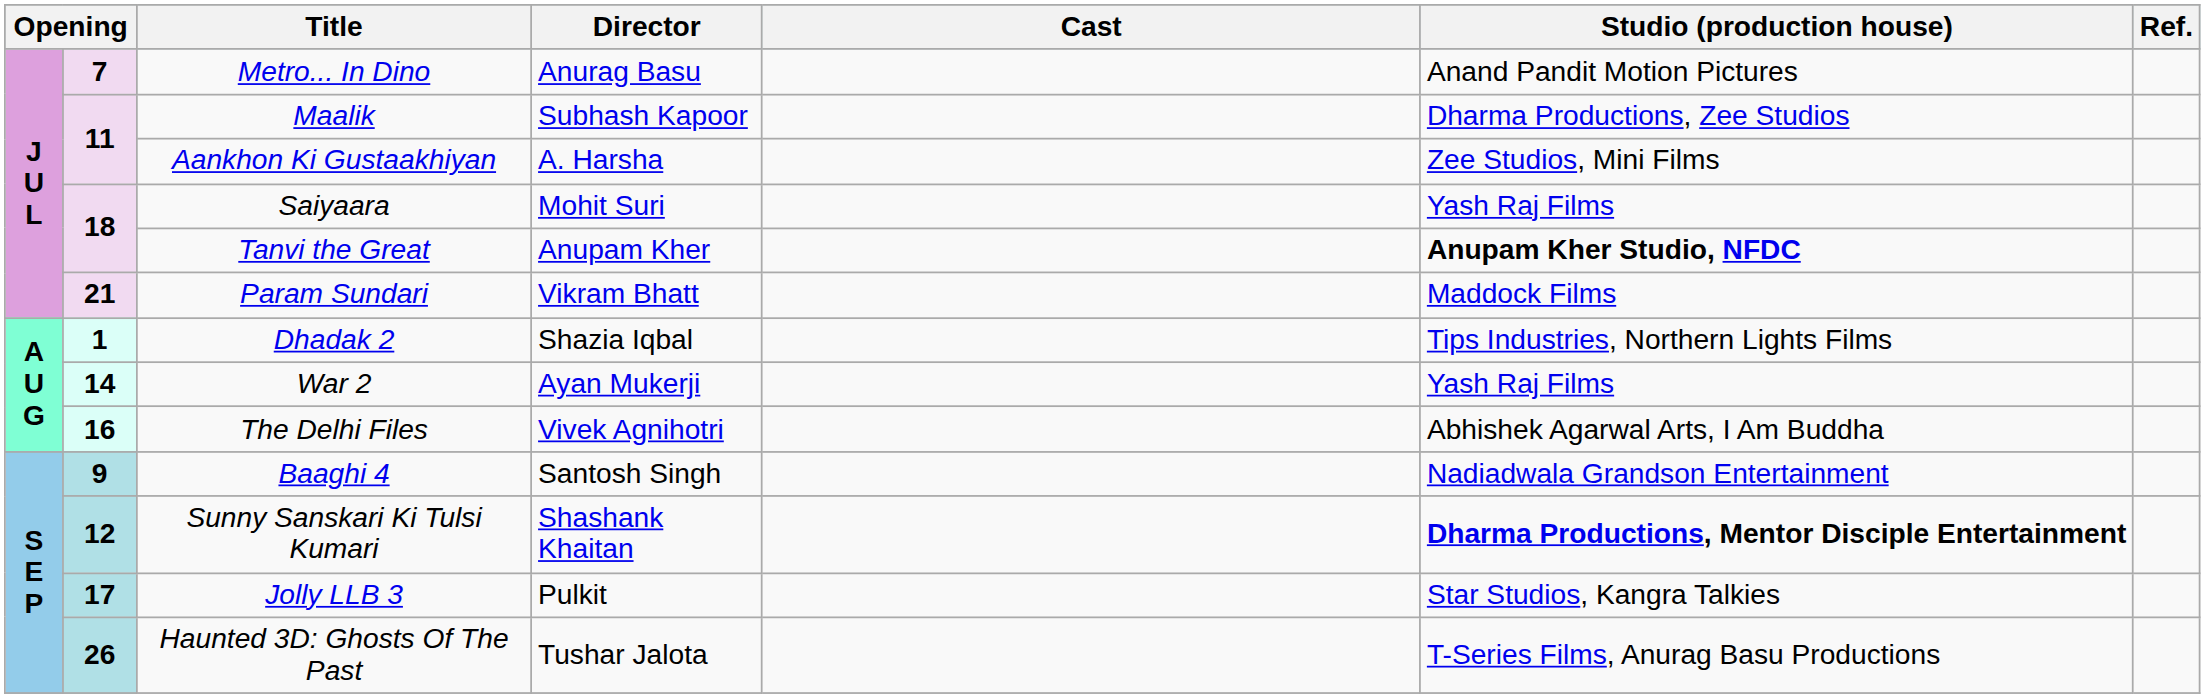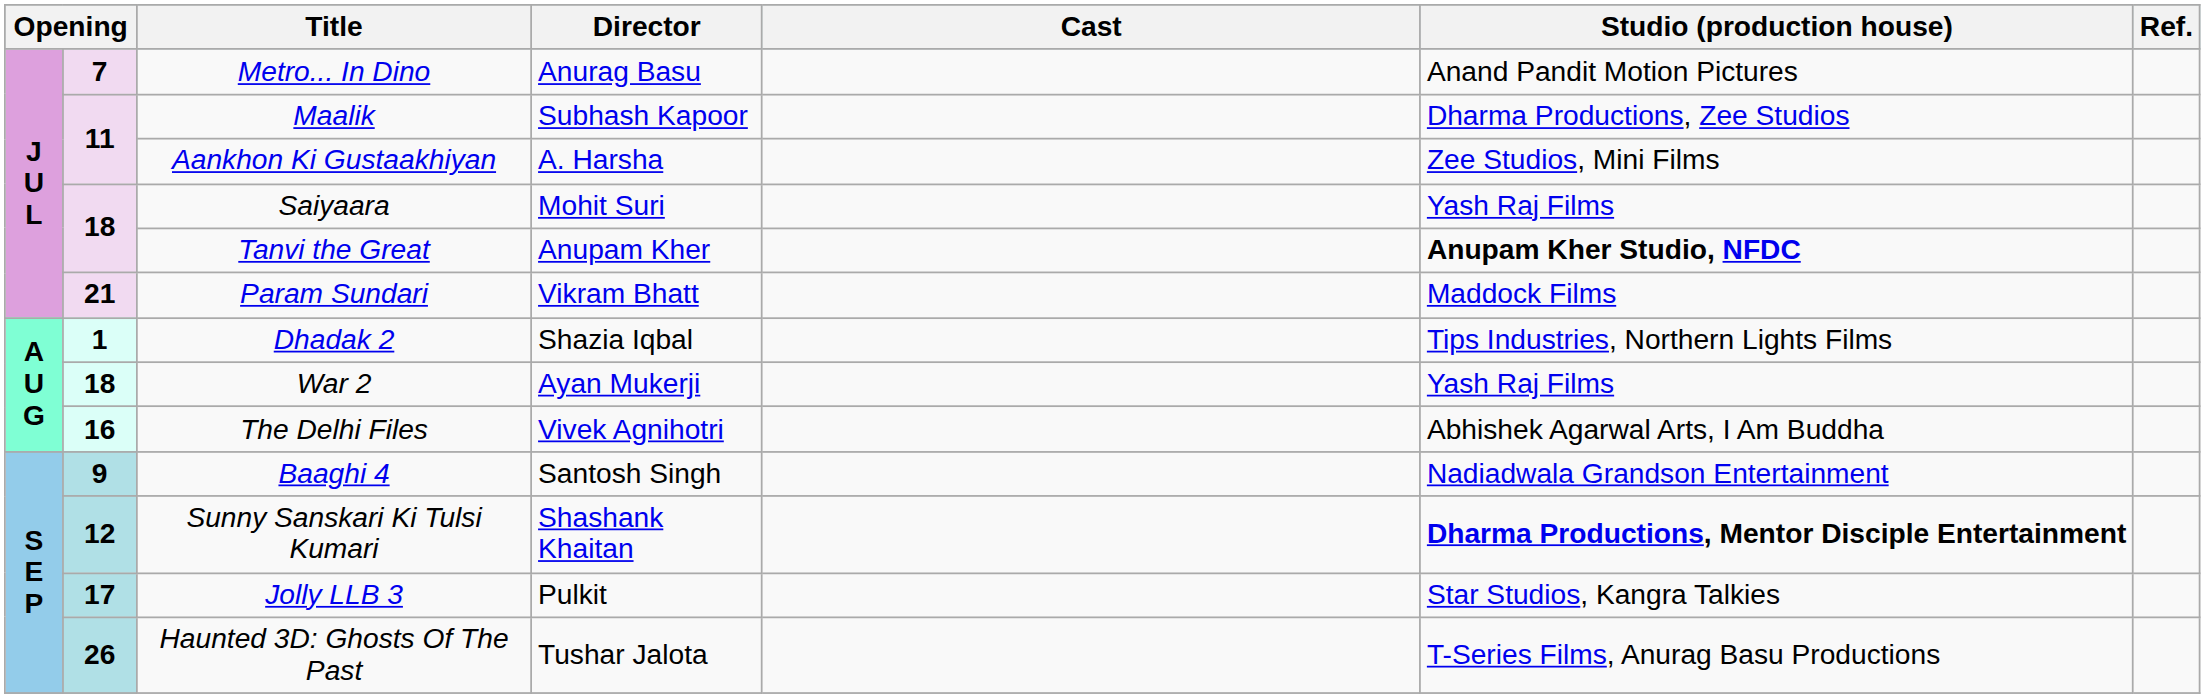 <table class="wikitable">
 <tr style="background:#b0e0e6; text-align:center;">
 <th colspan="2" style="width:6%;"><strong>Opening</strong></th>
 <th style="width:18%;"><strong>Title</strong></th>
 <th style="width:10.5%;"><strong>Director</strong></th>
 <th style="width:30%;"><strong>Cast</strong></th>
 <th>Studio (production house)</th>
 <th>Ref.</th>
 </tr>
 <tr>
 <td rowspan="6" style="text-align:center; background:plum; textcolor:#000;"><strong>J<br>U<br>L</strong></td>
 <td style="text-align:center;background:#f1daf1;"><strong>7</strong></td>
 <td style="text-align:center;"><em><a href='#'>Metro... In Dino</a></em></td>
 <td><a href='#'>Anurag Basu</a></td>
 <td></td>
 <td>Anand Pandit Motion Pictures</td>
 <td></td>
 </tr>
 <tr>
 <td rowspan="2" style="text-align:center;background:#f1daf1;"><strong>11</strong></td>
 <td style="text-align:center;"><em><a href='#'>Maalik</a></em></td>
 <td><a href='#'>Subhash Kapoor</a></td>
 <td></td>
 <td><a href='#'>Dharma Productions</a>, <a href='#'>Zee Studios</a></td>
 <td></td>
 </tr>
 <tr>
 <td style="text-align:center;"><em><a href='#'>Aankhon Ki Gustaakhiyan</a></em></td>
 <td><a href='#'>A. Harsha</a></td>
 <td></td>
 <td><a href='#'>Zee Studios</a>, Mini Films</td>
 <td></td>
 </tr>
 <tr>
 <td rowspan="2" style="text-align:center;background:#f1daf1;"><strong>18</strong></td>
 <td style="text-align:center;"><em>Saiyaara</em></td>
 <td><a href='#'>Mohit Suri</a></td>
 <td></td>
 <td><a href='#'>Yash Raj Films</a></td>
 <td></td>
 </tr>
 <tr>
 <td style="text-align:center;"><em><a href='#'>Tanvi the Great</a></em></td>
 <td><a href='#'>Anupam Kher</a></td>
 <td></td>
 <td><strong>Anupam Kher Studio, <a href='#'>NFDC</a></strong></td>
 <td></td>
 </tr>
 <tr>
 <td style="text-align:center;background:#f1daf1;"><strong>21</strong></td>
 <td style="text-align:center;"><em><a href='#'>Param Sundari</a></em></td>
 <td><a href='#'>Vikram Bhatt</a></td>
 <td></td>
 <td><a href='#'>Maddock Films</a></td>
 <td></td>
 </tr>
 <tr>
 <td rowspan="3" style="text-align:center; background:#7FFFD4; textcolor:#000;"><strong>A<br>U<br>G</strong></td>
 <td style="text-align:center; background:#dbfff8; qaatextcolor:#000;"><strong>1</strong></td>
 <td style="text-align:center;"><em><a href='#'>Dhadak 2</a></em></td>
 <td>Shazia Iqbal</td>
 <td></td>
 <td><a href='#'>Tips Industries</a>, Northern Lights Films</td>
 <td></td>
 </tr>
 <tr>
-<td style="text-align:center; background:#dbfff8; qaatextcolor:#000;"><strong>14</strong></td>
+<td style="text-align:center; background:#dbfff8; qaatextcolor:#000;"><strong>18</strong></td>
 <td style="text-align:center;"><em>War 2</em></td>
 <td><a href='#'>Ayan Mukerji</a></td>
 <td></td>
 <td><a href='#'>Yash Raj Films</a></td>
 <td></td>
 </tr>
 <tr>
 <td style="text-align:center; background:#dbfff8; qaatextcolor:#000;"><strong>16</strong></td>
 <td style="text-align:center;"><em>The Delhi Files</em></td>
 <td><a href='#'>Vivek Agnihotri</a></td>
 <td></td>
 <td>Abhishek  Agarwal Arts, I Am Buddha</td>
 <td></td>
 </tr>
 <tr>
 <td rowspan="4" style="text-align:center; background:#93CCEA; textcolor:#000;"><strong>S<br>E<br>P</strong></td>
 <td style="text-align:center;background:#B0E0E6;"><strong>9</strong></td>
 <td style="text-align:center;"><em><a href='#'>Baaghi 4</a></em></td>
 <td>Santosh Singh</td>
 <td></td>
 <td><a href='#'>Nadiadwala Grandson Entertainment</a></td>
 <td></td>
 </tr>
 <tr>
 <td style="text-align:center;background:#B0E0E6;"><strong>12</strong></td>
 <td style="text-align:center;"><em>Sunny Sanskari Ki Tulsi Kumari</em></td>
 <td><a href='#'>Shashank Khaitan</a></td>
 <td></td>
 <td><strong><a href='#'>Dharma Productions</a>, Mentor Disciple Entertainment</strong></td>
 <td></td>
 </tr>
 <tr>
 <td style="text-align:center;background:#B0E0E6;"><strong>17</strong></td>
 <td style="text-align:center;"><em><a href='#'>Jolly LLB 3</a></em></td>
 <td>Pulkit</td>
 <td></td>
 <td><a href='#'>Star Studios</a>, Kangra Talkies</td>
 <td></td>
 </tr>
 <tr>
 <td style="text-align:center;background:#B0E0E6;"><strong>26</strong></td>
 <td style="text-align:center;"><em>Haunted 3D: Ghosts Of The Past</em></td>
 <td>Tushar Jalota</td>
 <td></td>
 <td><a href='#'>T-Series Films</a>, Anurag Basu Productions</td>
 <td></td>
 </tr>
 </table>
